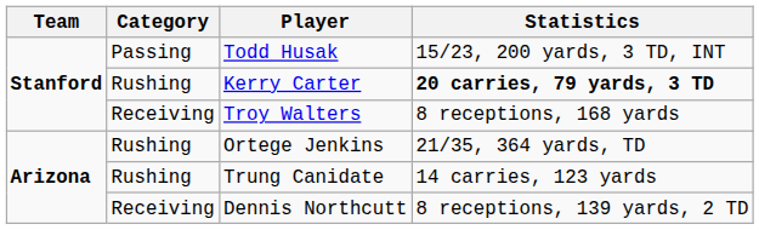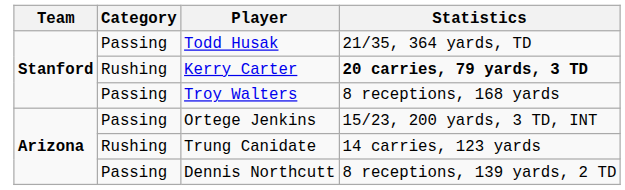 <table class="wikitable" style="float: right;">
 <tr>
 <th>Team</th>
 <th>Category</th>
 <th>Player</th>
 <th>Statistics</th>
 </tr>
 <tr>
 <td rowspan=3><strong>Stanford</strong></td>
 <td>Passing</td>
 <td><a href='#'>Todd Husak</a></td>
-<td>15/23, 200 yards, 3 TD, INT</td>
+<td>21/35, 364 yards, TD</td>
 </tr>
 <tr>
 <td>Rushing</td>
 <td><a href='#'>Kerry Carter</a></td>
 <td><strong>20 carries, 79 yards, 3 TD</strong></td>
 </tr>
 <tr>
-<td>Receiving</td>
+<td>Passing</td>
 <td><a href='#'>Troy Walters</a></td>
 <td>8 receptions, 168 yards</td>
 </tr>
 <tr>
 <td rowspan=3><strong>Arizona</strong></td>
-<td>Rushing</td>
+<td>Passing</td>
 <td>Ortege Jenkins</td>
-<td>21/35, 364 yards, TD</td>
+<td>15/23, 200 yards, 3 TD, INT</td>
 </tr>
 <tr>
 <td>Rushing</td>
 <td>Trung Canidate</td>
 <td>14 carries, 123 yards</td>
 </tr>
 <tr>
-<td>Receiving</td>
+<td>Passing</td>
 <td>Dennis Northcutt</td>
 <td>8 receptions, 139 yards, 2 TD</td>
 </tr>
 </table>
